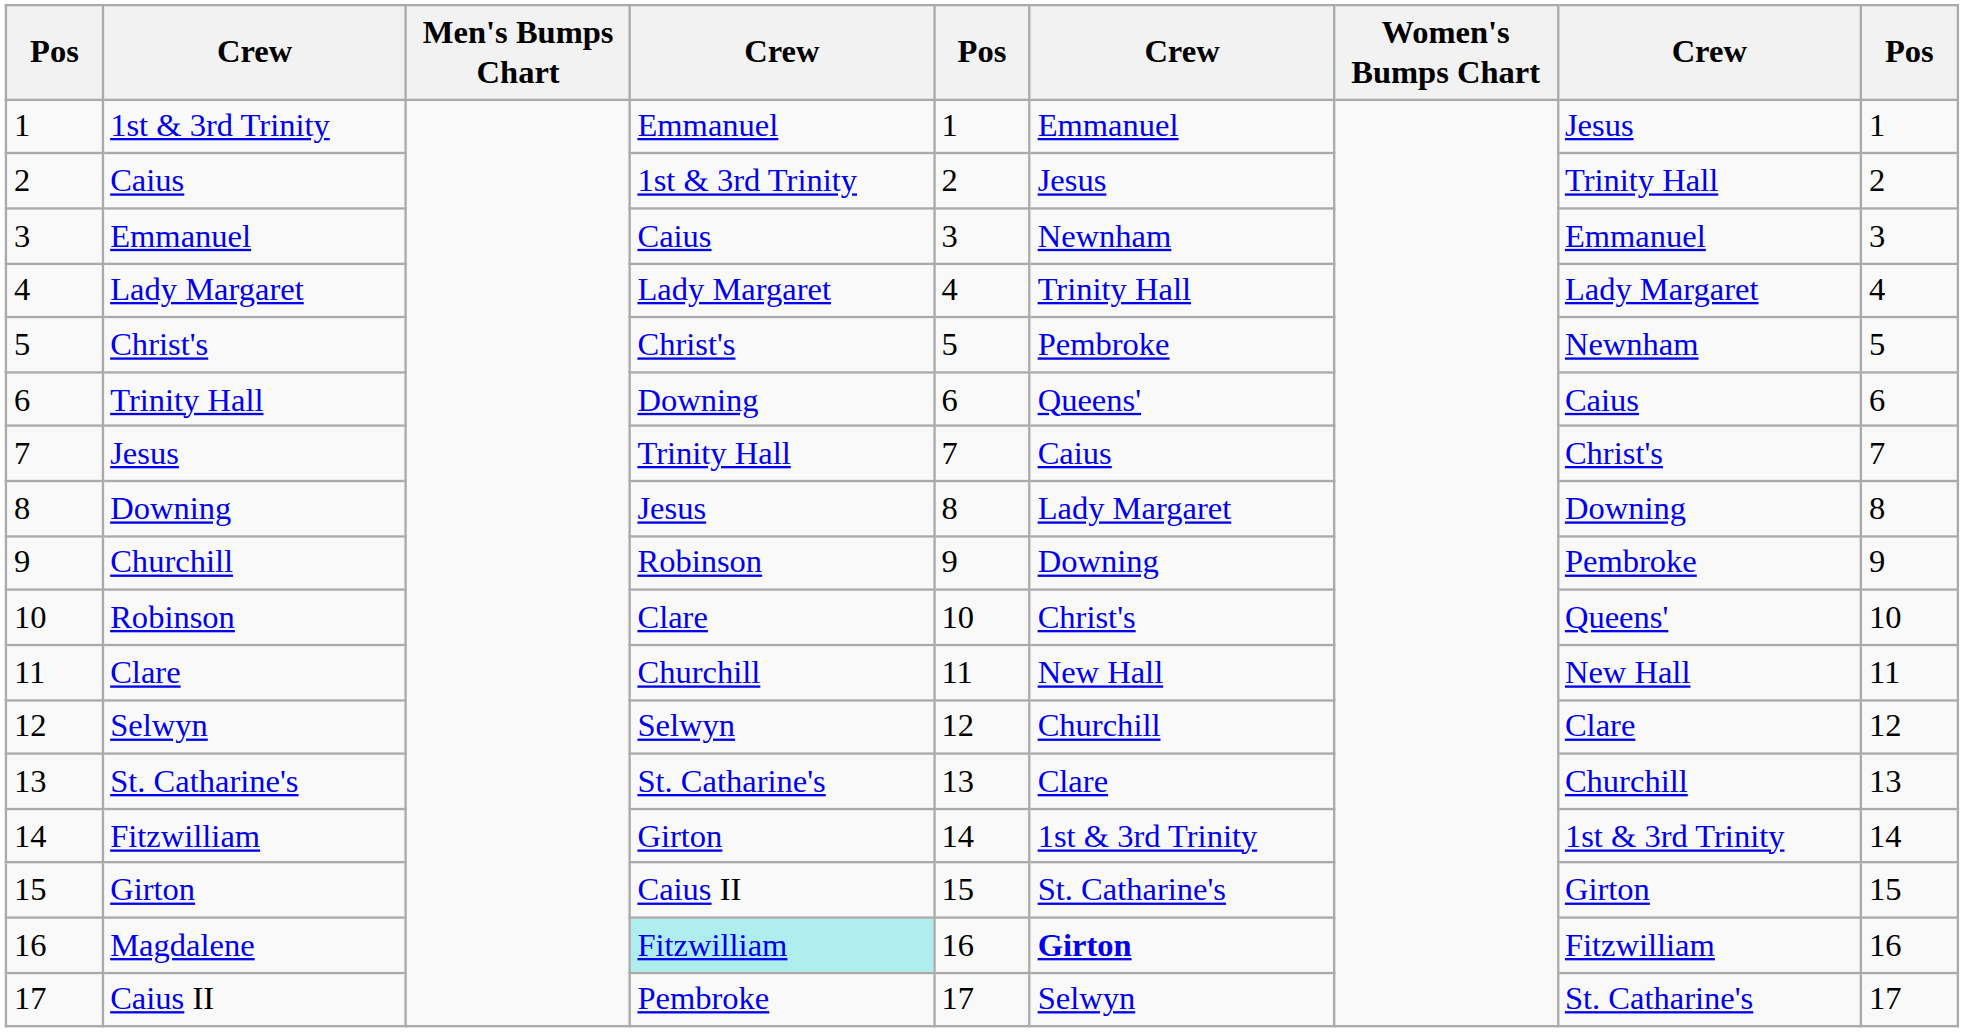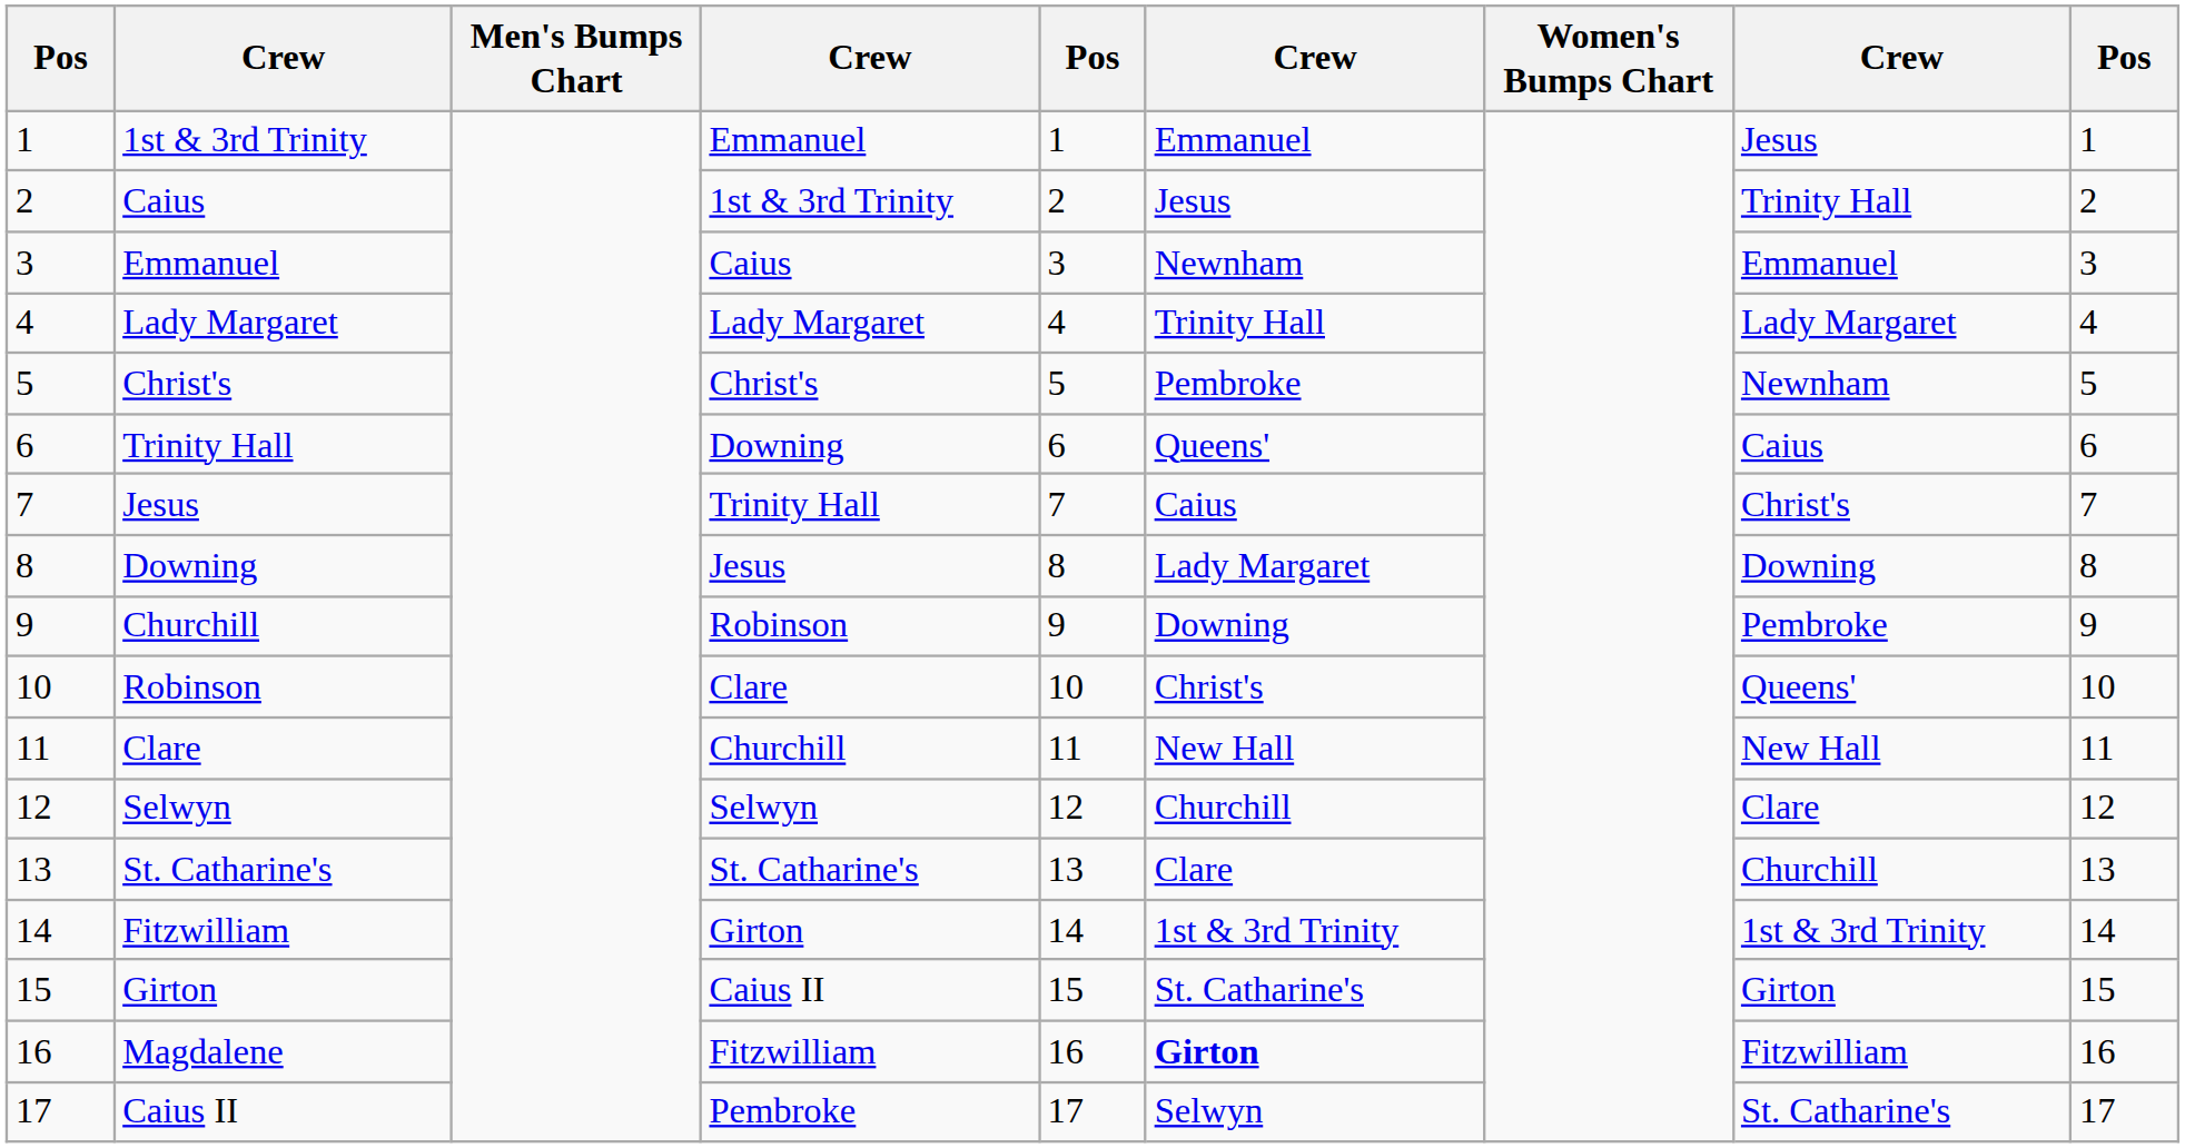 <table class="wikitable" style="font-size:88%; white-space:nowrap; margin:0.5em auto">
 <tr style="white-space:normal">
 <th width=35>Pos</th>
 <th width=125>Crew</th>
 <th width=90>Men's Bumps Chart</th>
 <th width=125>Crew</th>
 <th width=35>Pos</th>
 <th width=125>Crew</th>
 <th width=90>Women's Bumps Chart</th>
 <th width=125>Crew</th>
 <th width=35>Pos</th>
 </tr>
 <tr>
 <td>1</td>
 <td><a href='#'>1st & 3rd Trinity</a></td>
 <td rowspan="17" style="padding:0"><br></td>
 <td><a href='#'>Emmanuel</a></td>
 <td>1</td>
 <td><a href='#'>Emmanuel</a></td>
 <td rowspan="17" style="padding:0"><br></td>
 <td><a href='#'>Jesus</a></td>
 <td>1</td>
 </tr>
 <tr>
 <td>2</td>
 <td><a href='#'>Caius</a></td>
 <td><a href='#'>1st & 3rd Trinity</a></td>
 <td>2</td>
 <td><a href='#'>Jesus</a></td>
 <td><a href='#'>Trinity Hall</a></td>
 <td>2</td>
 </tr>
 <tr>
 <td>3</td>
 <td><a href='#'>Emmanuel</a></td>
 <td><a href='#'>Caius</a></td>
 <td>3</td>
 <td><a href='#'>Newnham</a></td>
 <td><a href='#'>Emmanuel</a></td>
 <td>3</td>
 </tr>
 <tr>
 <td>4</td>
 <td><a href='#'>Lady Margaret</a></td>
 <td><a href='#'>Lady Margaret</a></td>
 <td>4</td>
 <td><a href='#'>Trinity Hall</a></td>
 <td><a href='#'>Lady Margaret</a></td>
 <td>4</td>
 </tr>
 <tr>
 <td>5</td>
 <td><a href='#'>Christ's</a></td>
 <td><a href='#'>Christ's</a></td>
 <td>5</td>
 <td><a href='#'>Pembroke</a></td>
 <td><a href='#'>Newnham</a></td>
 <td>5</td>
 </tr>
 <tr>
 <td>6</td>
 <td><a href='#'>Trinity Hall</a></td>
 <td><a href='#'>Downing</a></td>
 <td>6</td>
 <td><a href='#'>Queens'</a></td>
 <td><a href='#'>Caius</a></td>
 <td>6</td>
 </tr>
 <tr>
 <td>7</td>
 <td><a href='#'>Jesus</a></td>
 <td><a href='#'>Trinity Hall</a></td>
 <td>7</td>
 <td><a href='#'>Caius</a></td>
 <td><a href='#'>Christ's</a></td>
 <td>7</td>
 </tr>
 <tr>
 <td>8</td>
 <td><a href='#'>Downing</a></td>
 <td><a href='#'>Jesus</a></td>
 <td>8</td>
 <td><a href='#'>Lady Margaret</a></td>
 <td><a href='#'>Downing</a></td>
 <td>8</td>
 </tr>
 <tr>
 <td>9</td>
 <td><a href='#'>Churchill</a></td>
 <td><a href='#'>Robinson</a></td>
 <td>9</td>
 <td><a href='#'>Downing</a></td>
 <td><a href='#'>Pembroke</a></td>
 <td>9</td>
 </tr>
 <tr>
 <td>10</td>
 <td><a href='#'>Robinson</a></td>
 <td><a href='#'>Clare</a></td>
 <td>10</td>
 <td><a href='#'>Christ's</a></td>
 <td><a href='#'>Queens'</a></td>
 <td>10</td>
 </tr>
 <tr>
 <td>11</td>
 <td><a href='#'>Clare</a></td>
 <td><a href='#'>Churchill</a></td>
 <td>11</td>
 <td><a href='#'>New Hall</a></td>
 <td><a href='#'>New Hall</a></td>
 <td>11</td>
 </tr>
 <tr>
 <td>12</td>
 <td><a href='#'>Selwyn</a></td>
 <td><a href='#'>Selwyn</a></td>
 <td>12</td>
 <td><a href='#'>Churchill</a></td>
 <td><a href='#'>Clare</a></td>
 <td>12</td>
 </tr>
 <tr>
 <td>13</td>
 <td><a href='#'>St. Catharine's</a></td>
 <td><a href='#'>St. Catharine's</a></td>
 <td>13</td>
 <td><a href='#'>Clare</a></td>
 <td><a href='#'>Churchill</a></td>
 <td>13</td>
 </tr>
 <tr>
 <td>14</td>
 <td><a href='#'>Fitzwilliam</a></td>
 <td><a href='#'>Girton</a></td>
 <td>14</td>
 <td><a href='#'>1st & 3rd Trinity</a></td>
 <td><a href='#'>1st & 3rd Trinity</a></td>
 <td>14</td>
 </tr>
 <tr>
 <td>15</td>
 <td><a href='#'>Girton</a></td>
 <td><a href='#'>Caius</a> II</td>
 <td>15</td>
 <td><a href='#'>St. Catharine's</a></td>
 <td><a href='#'>Girton</a></td>
 <td>15</td>
 </tr>
 <tr>
 <td>16</td>
 <td><a href='#'>Magdalene</a></td>
-<td style="background: paleturquoise;"><a href='#'>Fitzwilliam</a></td>
+<td><a href='#'>Fitzwilliam</a></td>
 <td>16</td>
 <td><strong><a href='#'>Girton</a></strong></td>
 <td><a href='#'>Fitzwilliam</a></td>
 <td>16</td>
 </tr>
 <tr>
 <td>17</td>
 <td><a href='#'>Caius</a> II</td>
 <td><a href='#'>Pembroke</a></td>
 <td>17</td>
 <td><a href='#'>Selwyn</a></td>
 <td><a href='#'>St. Catharine's</a></td>
 <td>17</td>
 </tr>
 </table>
